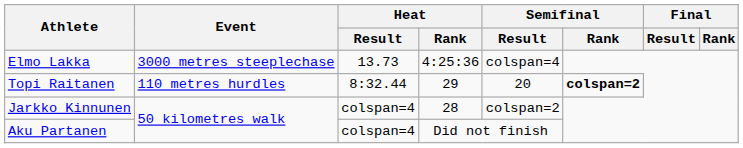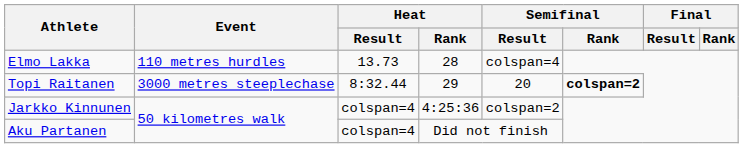 <table class="wikitable"  style=font-size:90%>
 <tr>
 <th rowspan="2">Athlete</th>
 <th rowspan="2">Event</th>
 <th colspan="2">Heat</th>
 <th colspan="2">Semifinal</th>
 <th colspan="2">Final</th>
 </tr>
 <tr>
 <th>Result</th>
 <th>Rank</th>
 <th>Result</th>
 <th>Rank</th>
 <th>Result</th>
 <th>Rank</th>
 </tr>
 <tr style=text-align:center>
 <td style=text-align:left><a href='#'>Elmo Lakka</a></td>
-<td style=text-align:left><a href='#'>3000 metres steeplechase</a></td>
+<td style=text-align:left><a href='#'>110 metres hurdles</a></td>
 <td>13.73</td>
-<td>4:25:36</td>
+<td>28</td>
 <td>colspan=4 </td>
 </tr>
 <tr style=text-align:center>
 <td style=text-align:left><a href='#'>Topi Raitanen</a></td>
-<td style=text-align:left><a href='#'>110 metres hurdles</a></td>
+<td style=text-align:left><a href='#'>3000 metres steeplechase</a></td>
 <td>8:32.44</td>
 <td>29</td>
 <td>20</td>
 <td><strong>colspan=2 </strong></td>
 </tr>
 <tr style=text-align:center>
 <td style=text-align:left><a href='#'>Jarkko Kinnunen</a></td>
 <td style=text-align:left rowspan=2><a href='#'>50 kilometres walk</a></td>
 <td>colspan=4 </td>
-<td>28</td>
+<td>4:25:36</td>
 <td>colspan=2 </td>
 </tr>
 <tr style=text-align:center>
 <td style=text-align:left><a href='#'>Aku Partanen</a></td>
 <td>colspan=4 </td>
 <td colspan=2>Did not finish</td>
 </tr>
 </table>
